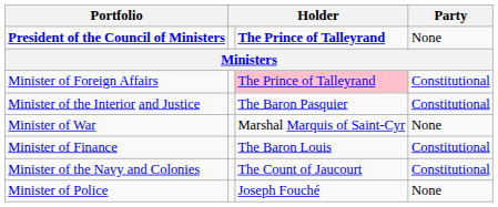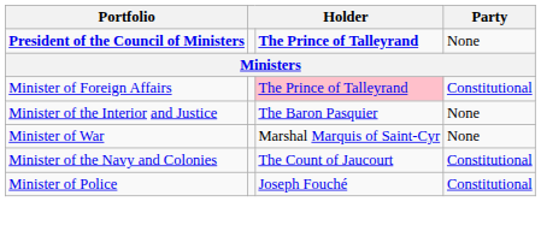 <table class="wikitable">
 <tr>
 <th>Portfolio</th>
 <th colspan=2>Holder</th>
 <th>Party</th>
 </tr>
 <tr>
 <td><strong><a href='#'>President of the Council of Ministers</a></strong></td>
 <td style="background:"></td>
 <td><strong><a href='#'>The Prince of Talleyrand</a></strong></td>
 <td>None</td>
 </tr>
 <tr>
 <th colspan=4 align=center><a href='#'>Ministers</a></th>
 </tr>
 <tr>
 <td><a href='#'>Minister of Foreign Affairs</a></td>
 <td style="background:"></td>
 <td style="background: pink;"><a href='#'>The Prince of Talleyrand</a></td>
 <td><a href='#'>Constitutional</a></td>
 </tr>
 <tr>
 <td><a href='#'>Minister of the Interior</a> <a href='#'>and Justice</a></td>
 <td style="background:"></td>
 <td><a href='#'>The Baron Pasquier</a></td>
-<td><a href='#'>Constitutional</a></td>
+<td>None</td>
 </tr>
 <tr>
 <td><a href='#'>Minister of War</a></td>
 <td style="background:"></td>
 <td>Marshal <a href='#'>Marquis of Saint-Cyr</a></td>
 <td>None</td>
-</tr>
-<tr>
-<td><a href='#'>Minister of Finance</a></td>
-<td style="background:"></td>
-<td><a href='#'>The Baron Louis</a></td>
-<td><a href='#'>Constitutional</a></td>
 </tr>
 <tr>
 <td><a href='#'>Minister of the Navy and Colonies</a></td>
 <td style="background:"></td>
 <td><a href='#'>The Count of Jaucourt</a></td>
 <td><a href='#'>Constitutional</a></td>
 </tr>
 <tr>
 <td><a href='#'>Minister of Police</a></td>
 <td style="background:"></td>
 <td><a href='#'>Joseph Fouché</a></td>
-<td>None</td>
+<td><a href='#'>Constitutional</a></td>
 </tr>
 </table>
